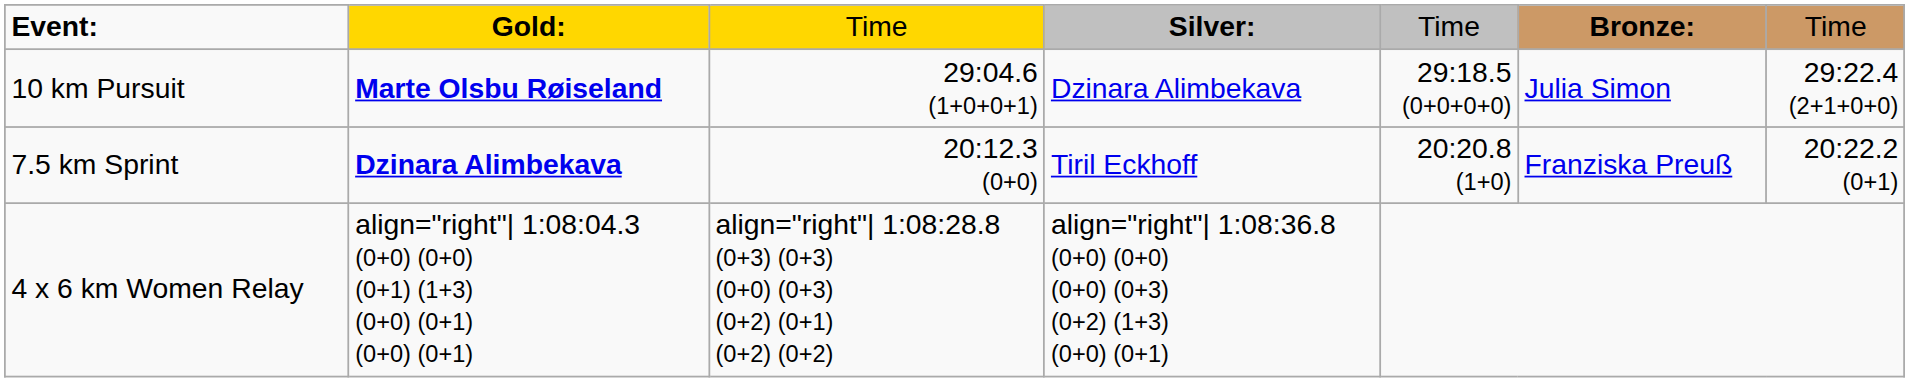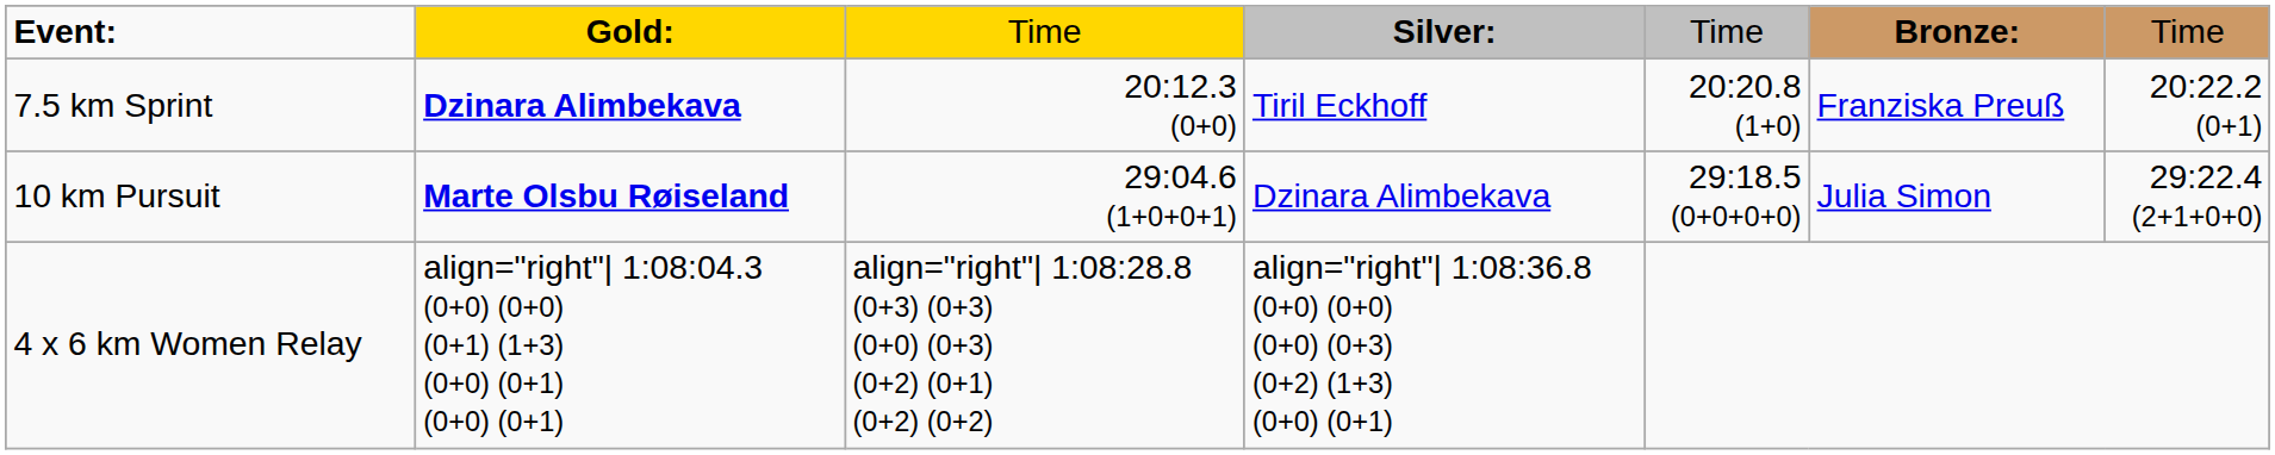 <table class="wikitable" width=85%>
 <tr>
 <td><strong>Event:</strong></td>
 <td style="text-align:center;background-color:gold;"><strong>Gold:</strong></td>
 <td style="text-align:center;background-color:gold;">Time</td>
 <td style="text-align:center;background-color:silver;"><strong>Silver:</strong></td>
 <td style="text-align:center;background-color:silver;">Time</td>
 <td style="text-align:center;background-color:#CC9966;"><strong>Bronze:</strong></td>
 <td style="text-align:center;background-color:#CC9966;">Time</td>
 </tr>
 <tr>
+<td>7.5 km Sprint<br></td>
+<td><strong><a href='#'>Dzinara Alimbekava</a></strong><br><small></small></td>
+<td align="right">20:12.3<br><small>(0+0)</small></td>
+<td><a href='#'>Tiril Eckhoff</a><br><small></small></td>
+<td align="right">20:20.8<br><small>(1+0)</small></td>
+<td><a href='#'>Franziska Preuß</a><br><small></small></td>
+<td align="right">20:22.2<br><small>(0+1)</small></td>
+</tr>
+<tr>
 <td>10 km Pursuit<br></td>
 <td><strong><a href='#'>Marte Olsbu Røiseland</a></strong><br><small></small></td>
 <td align="right">29:04.6<br><small>(1+0+0+1)</small></td>
 <td><a href='#'>Dzinara Alimbekava</a><br><small></small></td>
 <td align="right">29:18.5<br><small>(0+0+0+0)</small></td>
 <td><a href='#'>Julia Simon</a><br><small></small></td>
 <td align="right">29:22.4<br><small>(2+1+0+0)</small></td>
 </tr>
 <tr>
-<td>7.5 km Sprint<br></td>
-<td><strong><a href='#'>Dzinara Alimbekava</a></strong><br><small></small></td>
-<td align="right">20:12.3<br><small>(0+0)</small></td>
-<td><a href='#'>Tiril Eckhoff</a><br><small></small></td>
-<td align="right">20:20.8<br><small>(1+0)</small></td>
-<td><a href='#'>Franziska Preuß</a><br><small></small></td>
-<td align="right">20:22.2<br><small>(0+1)</small></td>
-</tr>
-<tr>
 <td>4 x 6 km Women Relay<br></td>
 <td>align="right"| 1:08:04.3<small><br>(0+0) (0+0)<br>(0+1) (1+3)<br>(0+0) (0+1)<br>(0+0) (0+1)</small></td>
 <td>align="right"| 1:08:28.8<small><br>(0+3) (0+3)<br>(0+0) (0+3)<br>(0+2) (0+1)<br>(0+2) (0+2)</small></td>
 <td>align="right"| 1:08:36.8<small><br>(0+0) (0+0)<br>(0+0) (0+3)<br>(0+2) (1+3)<br>(0+0) (0+1)</small></td>
 </tr>
 </table>
